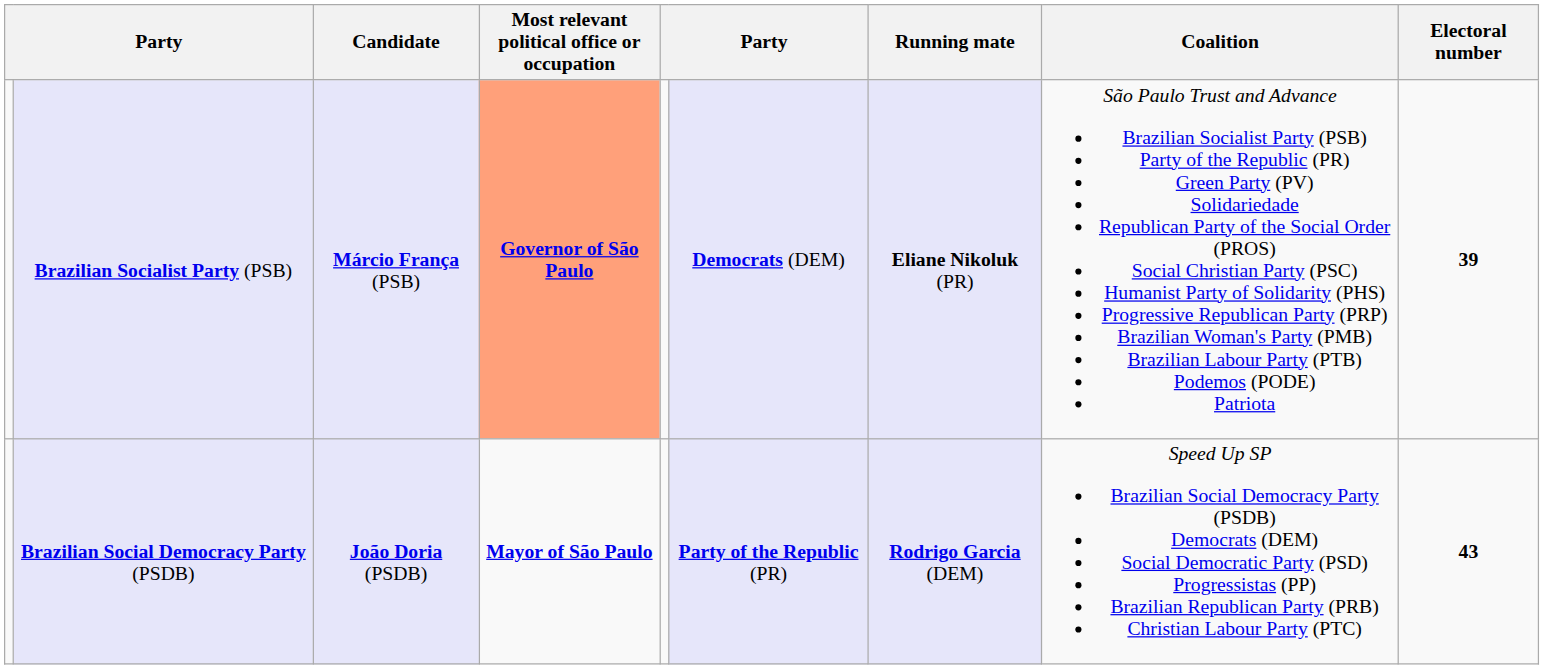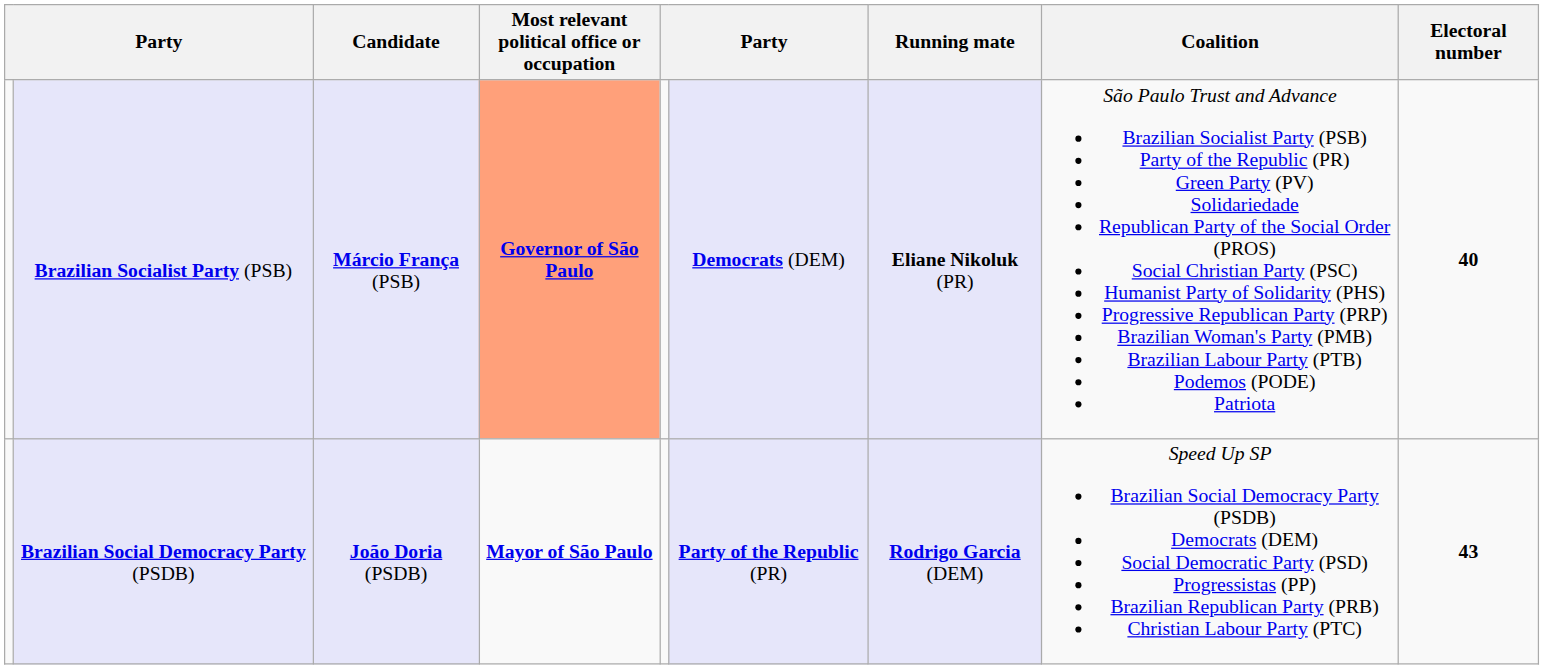 <table class="wikitable" style="text-align:center">
 <tr>
 <th colspan="2">Party</th>
 <th>Candidate</th>
 <th style="max-width:10em">Most relevant political office or occupation</th>
 <th colspan="2">Party</th>
 <th>Running mate</th>
 <th>Coalition</th>
 <th>Electoral number</th>
 </tr>
 <tr>
 <td style="background:"></td>
 <td style="background:lavender;" max-width:150px><br><strong><a href='#'>Brazilian Socialist Party</a></strong> (PSB)</td>
 <td style="background:lavender;" max-width:150px><br><strong><a href='#'>Márcio França</a></strong> (PSB)</td>
 <td style="background: lightsalmon; max-width:10em"><strong><a href='#'>Governor of São Paulo</a></strong><br></td>
 <td style="background:"></td>
 <td style="background:lavender;" max-width:150px><strong><a href='#'>Democrats</a></strong> (DEM)</td>
 <td style="background:lavender;" max-width:150px><br><strong>Eliane Nikoluk</strong> (PR)</td>
 <td><em>São Paulo Trust and Advance</em><br><ul><li><a href='#'>Brazilian Socialist Party</a> (PSB)</li><li><a href='#'>Party of the Republic</a> (PR)</li><li><a href='#'>Green Party</a> (PV)</li><li><a href='#'>Solidariedade</a></li><li><a href='#'>Republican Party of the Social Order</a> (PROS)</li><li><a href='#'>Social Christian Party</a> (PSC)</li><li><a href='#'>Humanist Party of Solidarity</a> (PHS)</li><li><a href='#'>Progressive Republican Party</a> (PRP)</li><li><a href='#'>Brazilian Woman's Party</a> (PMB)</li><li><a href='#'>Brazilian Labour Party</a> (PTB)</li><li><a href='#'>Podemos</a> (PODE)</li><li><a href='#'>Patriota</a></li></ul></td>
-<td><strong>39</strong></td>
+<td><strong>40</strong></td>
 </tr>
 <tr>
 <td style="background:"></td>
 <td style="background:lavender;" max-width:150px><br><strong><a href='#'>Brazilian Social Democracy Party</a></strong> (PSDB)</td>
 <td style="background:lavender;" max-width:150px><br><strong><a href='#'>João Doria</a></strong> (PSDB)</td>
 <td style="max-width:10em"><strong><a href='#'>Mayor of São Paulo</a></strong><br></td>
 <td style="background:"></td>
 <td style="background:lavender;" max-width:150px><br><strong><a href='#'>Party of the Republic</a></strong> (PR)</td>
 <td style="background:lavender;" max-width:150px><br><strong><a href='#'>Rodrigo Garcia</a></strong> (DEM)</td>
 <td><em>Speed Up SP</em><br><ul><li><a href='#'>Brazilian Social Democracy Party</a> (PSDB)</li><li><a href='#'>Democrats</a> (DEM)</li><li><a href='#'>Social Democratic Party</a> (PSD)</li><li><a href='#'>Progressistas</a> (PP)</li><li><a href='#'>Brazilian Republican Party</a> (PRB)</li><li><a href='#'>Christian Labour Party</a> (PTC)</li></ul></td>
 <td><strong>43</strong></td>
 </tr>
 </table>
